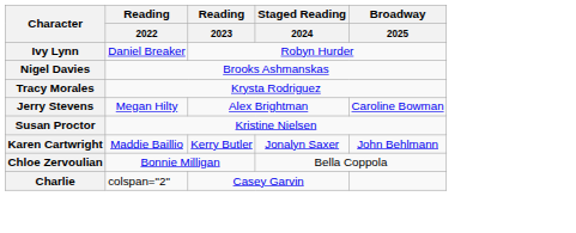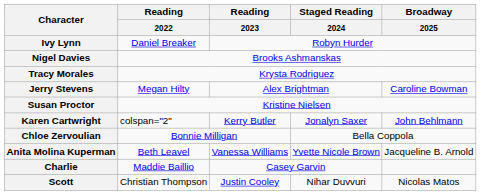 <table class="wikitable" style="width:1000;">
 <tr>
 <th rowspan="2">Character</th>
 <th>Reading</th>
 <th>Reading</th>
 <th>Staged Reading</th>
 <th>Broadway</th>
 </tr>
 <tr>
 <th><small>2022</small></th>
 <th><small>2023</small></th>
 <th><small>2024</small></th>
 <th><small>2025</small></th>
 </tr>
 <tr>
 <th>Ivy Lynn</th>
 <td style="text-align:center;"><a href='#'>Daniel Breaker</a></td>
 <td colspan="3" style="text-align:center;"><a href='#'>Robyn Hurder</a></td>
 </tr>
 <tr>
 <th>Nigel Davies</th>
 <td colspan="4" style="text-align:center;"><a href='#'>Brooks Ashmanskas</a></td>
 </tr>
 <tr>
 <th>Tracy Morales</th>
 <td colspan="4" style="text-align:center;"><a href='#'>Krysta Rodriguez</a></td>
 </tr>
 <tr>
 <th>Jerry Stevens</th>
 <td style="text-align:center;"><a href='#'>Megan Hilty</a></td>
 <td colspan="2" style="text-align:center;"><a href='#'>Alex Brightman</a></td>
 <td style="text-align:center;"><a href='#'>Caroline Bowman</a></td>
 </tr>
 <tr>
 <th>Susan Proctor</th>
 <td colspan="4" style="text-align:center;"><a href='#'>Kristine Nielsen</a></td>
 </tr>
 <tr>
 <th>Karen Cartwright</th>
-<td style="text-align:center;"><a href='#'>Maddie Baillio</a></td>
+<td>colspan="2" </td>
 <td style="text-align:center;"><a href='#'>Kerry Butler</a></td>
 <td style="text-align:center;"><a href='#'>Jonalyn Saxer</a></td>
 <td style="text-align:center;"><a href='#'>John Behlmann</a></td>
 </tr>
 <tr>
 <th>Chloe Zervoulian</th>
 <td colspan="2" style="text-align:center;"><a href='#'>Bonnie Milligan</a></td>
 <td colspan="2" style="text-align:center;">Bella Coppola</td>
 </tr>
 <tr>
+<th>Anita Molina Kuperman</th>
+<td style="text-align:center;"><a href='#'>Beth Leavel</a></td>
+<td style="text-align:center;"><a href='#'>Vanessa Williams</a></td>
+<td style="text-align:center;"><a href='#'>Yvette Nicole Brown</a></td>
+<td style="text-align:center;">Jacqueline B. Arnold</td>
+</tr>
+<tr>
 <th>Charlie</th>
-<td>colspan="2" </td>
+<td style="text-align:center;"><a href='#'>Maddie Baillio</a></td>
 <td colspan="2" style="text-align:center;"><a href='#'>Casey Garvin</a></td>
 </tr>
+<tr>
+<th>Scott</th>
+<td style="text-align:center;">Christian Thompson</td>
+<td style="text-align:center;"><a href='#'>Justin Cooley</a></td>
+<td style="text-align:center;">Nihar Duvvuri</td>
+<td style="text-align:center;">Nicolas Matos</td>
+</tr>
 </table>
